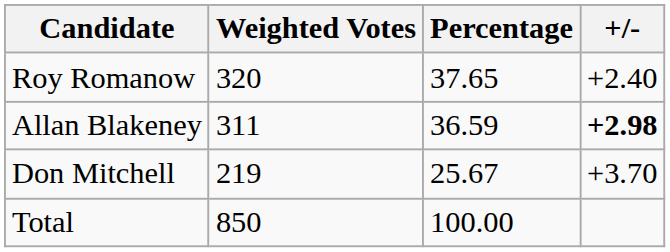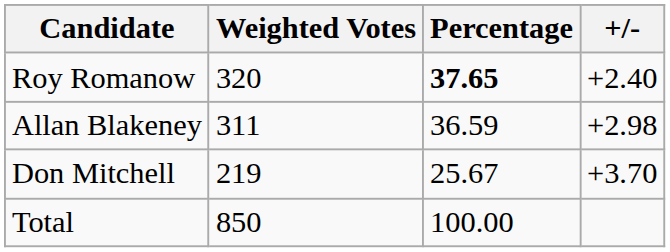 <table class="wikitable">
 <tr>
 <th>Candidate</th>
 <th>Weighted Votes</th>
 <th>Percentage</th>
 <th>+/-</th>
 </tr>
 <tr>
 <td>Roy Romanow</td>
 <td>320</td>
-<td>37.65</td>
+<td><strong>37.65</strong></td>
 <td>+2.40</td>
 </tr>
 <tr>
 <td>Allan Blakeney</td>
 <td>311</td>
 <td>36.59</td>
-<td><strong>+2.98</strong></td>
+<td>+2.98</td>
 </tr>
 <tr>
 <td>Don Mitchell</td>
 <td>219</td>
 <td>25.67</td>
 <td>+3.70</td>
 </tr>
 <tr>
 <td>Total</td>
 <td>850</td>
 <td>100.00</td>
 </tr>
 </table>
